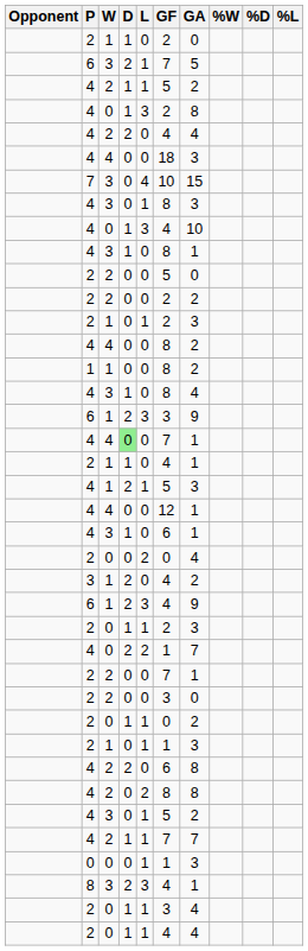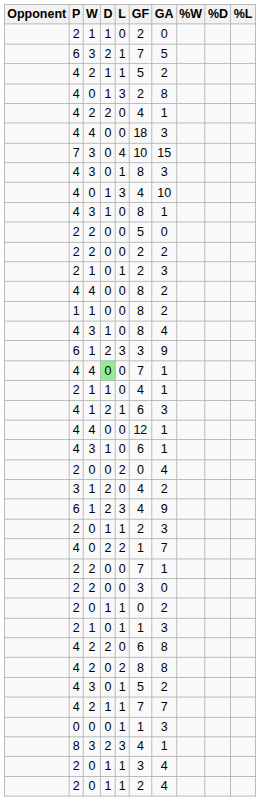 <table class="wikitable sortable mw-collapsible mw-collapsed" style="text-align:center">
 <tr>
 <th>Opponent</th>
 <th>P</th>
 <th>W</th>
 <th>D</th>
 <th>L</th>
 <th>GF</th>
 <th>GA</th>
 <th>%W</th>
 <th>%D</th>
 <th>%L</th>
 </tr>
 <tr>
 <td style="text-align:left;"></td>
 <td>2</td>
 <td>1</td>
 <td>1</td>
 <td>0</td>
 <td>2</td>
 <td>0</td>
 <td></td>
 <td></td>
 <td></td>
 </tr>
 <tr>
 <td style="text-align:left;"></td>
 <td>6</td>
 <td>3</td>
 <td>2</td>
 <td>1</td>
 <td>7</td>
 <td>5</td>
 <td></td>
 <td></td>
 <td></td>
 </tr>
 <tr>
 <td style="text-align:left;"></td>
 <td>4</td>
 <td>2</td>
 <td>1</td>
 <td>1</td>
 <td>5</td>
 <td>2</td>
 <td></td>
 <td></td>
 <td></td>
 </tr>
 <tr>
 <td style="text-align:left;"></td>
 <td>4</td>
 <td>0</td>
 <td>1</td>
 <td>3</td>
 <td>2</td>
 <td>8</td>
 <td></td>
 <td></td>
 <td></td>
 </tr>
 <tr>
 <td style="text-align:left;"></td>
 <td>4</td>
 <td>2</td>
 <td>2</td>
 <td>0</td>
 <td>4</td>
-<td>4</td>
+<td>1</td>
 <td></td>
 <td></td>
 <td></td>
 </tr>
 <tr>
 <td style="text-align:left;"></td>
 <td>4</td>
 <td>4</td>
 <td>0</td>
 <td>0</td>
 <td>18</td>
 <td>3</td>
 <td></td>
 <td></td>
 <td></td>
 </tr>
 <tr>
 <td style="text-align:left;"></td>
 <td>7</td>
 <td>3</td>
 <td>0</td>
 <td>4</td>
 <td>10</td>
 <td>15</td>
 <td></td>
 <td></td>
 <td></td>
 </tr>
 <tr>
 <td style="text-align:left;"></td>
 <td>4</td>
 <td>3</td>
 <td>0</td>
 <td>1</td>
 <td>8</td>
 <td>3</td>
 <td></td>
 <td></td>
 <td></td>
 </tr>
 <tr>
 <td style="text-align:left;"></td>
 <td>4</td>
 <td>0</td>
 <td>1</td>
 <td>3</td>
 <td>4</td>
 <td>10</td>
 <td></td>
 <td></td>
 <td></td>
 </tr>
 <tr>
 <td style="text-align:left;"></td>
 <td>4</td>
 <td>3</td>
 <td>1</td>
 <td>0</td>
 <td>8</td>
 <td>1</td>
 <td></td>
 <td></td>
 <td></td>
 </tr>
 <tr>
 <td style="text-align:left;"></td>
 <td>2</td>
 <td>2</td>
 <td>0</td>
 <td>0</td>
 <td>5</td>
 <td>0</td>
 <td></td>
 <td></td>
 <td></td>
 </tr>
 <tr>
 <td style="text-align:left;"></td>
 <td>2</td>
 <td>2</td>
 <td>0</td>
 <td>0</td>
 <td>2</td>
 <td>2</td>
 <td></td>
 <td></td>
 <td></td>
 </tr>
 <tr>
 <td style="text-align:left;"></td>
 <td>2</td>
 <td>1</td>
 <td>0</td>
 <td>1</td>
 <td>2</td>
 <td>3</td>
 <td></td>
 <td></td>
 <td></td>
 </tr>
 <tr>
 <td style="text-align:left;"></td>
 <td>4</td>
 <td>4</td>
 <td>0</td>
 <td>0</td>
 <td>8</td>
 <td>2</td>
 <td></td>
 <td></td>
 <td></td>
 </tr>
 <tr>
 <td style="text-align:left;"></td>
 <td>1</td>
 <td>1</td>
 <td>0</td>
 <td>0</td>
 <td>8</td>
 <td>2</td>
 <td></td>
 <td></td>
 <td></td>
 </tr>
 <tr>
 <td style="text-align:left;"></td>
 <td>4</td>
 <td>3</td>
 <td>1</td>
 <td>0</td>
 <td>8</td>
 <td>4</td>
 <td></td>
 <td></td>
 <td></td>
 </tr>
 <tr>
 <td style="text-align:left;"></td>
 <td>6</td>
 <td>1</td>
 <td>2</td>
 <td>3</td>
 <td>3</td>
 <td>9</td>
 <td></td>
 <td></td>
 <td></td>
 </tr>
 <tr>
 <td style="text-align:left;"></td>
 <td>4</td>
 <td>4</td>
 <td style="background: lightgreen;">0</td>
 <td>0</td>
 <td>7</td>
 <td>1</td>
 <td></td>
 <td></td>
 <td></td>
 </tr>
 <tr>
 <td style="text-align:left;"></td>
 <td>2</td>
 <td>1</td>
 <td>1</td>
 <td>0</td>
 <td>4</td>
 <td>1</td>
 <td></td>
 <td></td>
 <td></td>
 </tr>
 <tr>
 <td style="text-align:left;"></td>
 <td>4</td>
 <td>1</td>
 <td>2</td>
 <td>1</td>
-<td>5</td>
+<td>6</td>
 <td>3</td>
 <td></td>
 <td></td>
 <td></td>
 </tr>
 <tr>
 <td style="text-align:left;"></td>
 <td>4</td>
 <td>4</td>
 <td>0</td>
 <td>0</td>
 <td>12</td>
 <td>1</td>
 <td></td>
 <td></td>
 <td></td>
 </tr>
 <tr>
 <td style="text-align:left;"></td>
 <td>4</td>
 <td>3</td>
 <td>1</td>
 <td>0</td>
 <td>6</td>
 <td>1</td>
 <td></td>
 <td></td>
 <td></td>
 </tr>
 <tr>
 <td style="text-align:left;"></td>
 <td>2</td>
 <td>0</td>
 <td>0</td>
 <td>2</td>
 <td>0</td>
 <td>4</td>
 <td></td>
 <td></td>
 <td></td>
 </tr>
 <tr>
 <td style="text-align:left;"></td>
 <td>3</td>
 <td>1</td>
 <td>2</td>
 <td>0</td>
 <td>4</td>
 <td>2</td>
 <td></td>
 <td></td>
 <td></td>
 </tr>
 <tr>
 <td style="text-align:left;"></td>
 <td>6</td>
 <td>1</td>
 <td>2</td>
 <td>3</td>
 <td>4</td>
 <td>9</td>
 <td></td>
 <td></td>
 <td></td>
 </tr>
 <tr>
 <td style="text-align:left;"></td>
 <td>2</td>
 <td>0</td>
 <td>1</td>
 <td>1</td>
 <td>2</td>
 <td>3</td>
 <td></td>
 <td></td>
 <td></td>
 </tr>
 <tr>
 <td style="text-align:left;"></td>
 <td>4</td>
 <td>0</td>
 <td>2</td>
 <td>2</td>
 <td>1</td>
 <td>7</td>
 <td></td>
 <td></td>
 <td></td>
 </tr>
 <tr>
 <td style="text-align:left;"></td>
 <td>2</td>
 <td>2</td>
 <td>0</td>
 <td>0</td>
 <td>7</td>
 <td>1</td>
 <td></td>
 <td></td>
 <td></td>
 </tr>
 <tr>
 <td style="text-align:left;"></td>
 <td>2</td>
 <td>2</td>
 <td>0</td>
 <td>0</td>
 <td>3</td>
 <td>0</td>
 <td></td>
 <td></td>
 <td></td>
 </tr>
 <tr>
 <td style="text-align:left;"></td>
 <td>2</td>
 <td>0</td>
 <td>1</td>
 <td>1</td>
 <td>0</td>
 <td>2</td>
 <td></td>
 <td></td>
 <td></td>
 </tr>
 <tr>
 <td style="text-align:left;"></td>
 <td>2</td>
 <td>1</td>
 <td>0</td>
 <td>1</td>
 <td>1</td>
 <td>3</td>
 <td></td>
 <td></td>
 <td></td>
 </tr>
 <tr>
 <td style="text-align:left;"></td>
 <td>4</td>
 <td>2</td>
 <td>2</td>
 <td>0</td>
 <td>6</td>
 <td>8</td>
 <td></td>
 <td></td>
 <td></td>
 </tr>
 <tr>
 <td style="text-align:left;"></td>
 <td>4</td>
 <td>2</td>
 <td>0</td>
 <td>2</td>
 <td>8</td>
 <td>8</td>
 <td></td>
 <td></td>
 <td></td>
 </tr>
 <tr>
 <td style="text-align:left;"></td>
 <td>4</td>
 <td>3</td>
 <td>0</td>
 <td>1</td>
 <td>5</td>
 <td>2</td>
 <td></td>
 <td></td>
 <td></td>
 </tr>
 <tr>
 <td style="text-align:left;"></td>
 <td>4</td>
 <td>2</td>
 <td>1</td>
 <td>1</td>
 <td>7</td>
 <td>7</td>
 <td></td>
 <td></td>
 <td></td>
 </tr>
 <tr>
 <td style="text-align:left;"></td>
 <td>0</td>
 <td>0</td>
 <td>0</td>
 <td>1</td>
 <td>1</td>
 <td>3</td>
 <td></td>
 <td></td>
 <td></td>
 </tr>
 <tr>
 <td style="text-align:left;"></td>
 <td>8</td>
 <td>3</td>
 <td>2</td>
 <td>3</td>
 <td>4</td>
 <td>1</td>
 <td></td>
 <td></td>
 <td></td>
 </tr>
 <tr>
 <td style="text-align:left;"></td>
 <td>2</td>
 <td>0</td>
 <td>1</td>
 <td>1</td>
 <td>3</td>
 <td>4</td>
 <td></td>
 <td></td>
 <td></td>
 </tr>
 <tr>
 <td style="text-align:left;"></td>
 <td>2</td>
 <td>0</td>
 <td>1</td>
 <td>1</td>
-<td>4</td>
+<td>2</td>
 <td>4</td>
 <td></td>
 <td></td>
 <td></td>
 </tr>
 </table>
